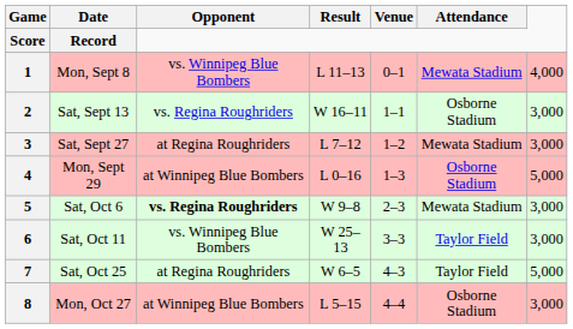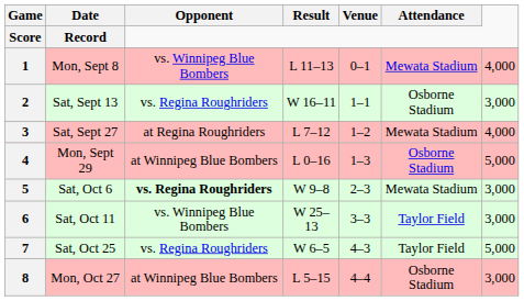 <table class="wikitable" style="text-align:center">
 <tr>
 <th>Game</th>
 <th>Date</th>
 <th>Opponent</th>
 <th>Result</th>
 <th>Venue</th>
 <th>Attendance</th>
 </tr>
 <tr>
 <th>Score</th>
 <th>Record</th>
 </tr>
 <tr style="background:#ffbbbb">
 <th>1</th>
 <td>Mon, Sept 8</td>
 <td>vs. <a href='#'>Winnipeg Blue Bombers</a></td>
 <td>L 11–13</td>
 <td>0–1</td>
 <td><a href='#'>Mewata Stadium</a></td>
 <td>4,000</td>
 </tr>
 <tr style="background:#ddffdd">
 <th>2</th>
 <td>Sat, Sept 13</td>
 <td>vs. <a href='#'>Regina Roughriders</a></td>
 <td>W 16–11</td>
 <td>1–1</td>
 <td>Osborne Stadium</td>
 <td>3,000</td>
 </tr>
 <tr style="background:#ffbbbb">
 <th>3</th>
 <td>Sat, Sept 27</td>
 <td>at Regina Roughriders</td>
 <td>L 7–12</td>
 <td>1–2</td>
 <td>Mewata Stadium</td>
-<td>3,000</td>
+<td>4,000</td>
 </tr>
 <tr style="background:#ffbbbb">
 <th>4</th>
 <td>Mon, Sept 29</td>
 <td>at Winnipeg Blue Bombers</td>
 <td>L 0–16</td>
 <td>1–3</td>
 <td><a href='#'>Osborne Stadium</a></td>
 <td>5,000</td>
 </tr>
 <tr style="background:#ddffdd">
 <th>5</th>
 <td>Sat, Oct 6</td>
 <td><strong>vs. Regina Roughriders</strong></td>
 <td>W 9–8</td>
 <td>2–3</td>
 <td>Mewata Stadium</td>
 <td>3,000</td>
 </tr>
 <tr style="background:#ddffdd">
 <th>6</th>
 <td>Sat, Oct 11</td>
 <td>vs. Winnipeg Blue Bombers</td>
 <td>W 25–13</td>
 <td>3–3</td>
 <td><a href='#'>Taylor Field</a></td>
 <td>3,000</td>
 </tr>
 <tr style="background:#ddffdd">
 <th>7</th>
 <td>Sat, Oct 25</td>
-<td>at Regina Roughriders</td>
+<td>vs. <a href='#'>Regina Roughriders</a></td>
 <td>W 6–5</td>
 <td>4–3</td>
 <td>Taylor Field</td>
 <td>5,000</td>
 </tr>
 <tr style="background:#ffbbbb">
 <th>8</th>
 <td>Mon, Oct 27</td>
 <td>at Winnipeg Blue Bombers</td>
 <td>L 5–15</td>
 <td>4–4</td>
 <td>Osborne Stadium</td>
 <td>3,000</td>
 </tr>
 </table>
